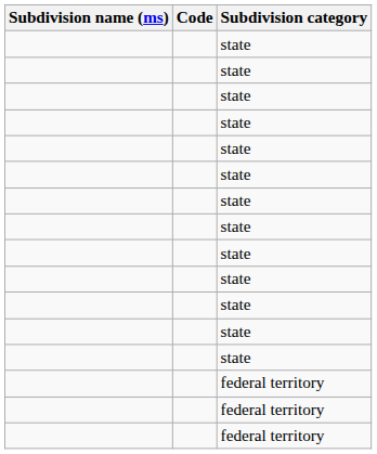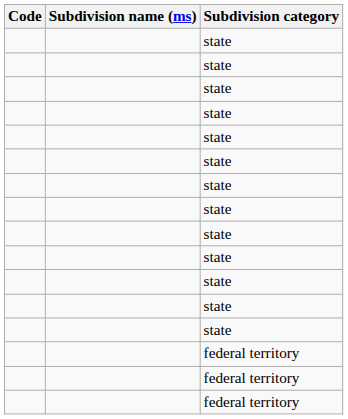 <table class="wikitable sortable">
 <tr>
+<th>Code</th>
 <th>Subdivision name (<a href='#'>ms</a>)</th>
-<th>Code</th>
 <th>Subdivision category</th>
 </tr>
 <tr>
 <td></td>
 <td></td>
 <td>state</td>
 </tr>
 <tr>
 <td></td>
 <td></td>
 <td>state</td>
 </tr>
 <tr>
 <td></td>
 <td></td>
 <td>state</td>
 </tr>
 <tr>
 <td></td>
 <td></td>
 <td>state</td>
 </tr>
 <tr>
 <td></td>
 <td></td>
 <td>state</td>
 </tr>
 <tr>
 <td></td>
 <td></td>
 <td>state</td>
 </tr>
 <tr>
 <td></td>
 <td></td>
 <td>state</td>
 </tr>
 <tr>
 <td></td>
 <td></td>
 <td>state</td>
 </tr>
 <tr>
 <td></td>
 <td></td>
 <td>state</td>
 </tr>
 <tr>
 <td></td>
 <td></td>
 <td>state</td>
 </tr>
 <tr>
 <td></td>
 <td></td>
 <td>state</td>
 </tr>
 <tr>
 <td></td>
 <td></td>
 <td>state</td>
 </tr>
 <tr>
 <td></td>
 <td></td>
 <td>state</td>
 </tr>
 <tr>
 <td></td>
 <td></td>
 <td>federal territory</td>
 </tr>
 <tr>
 <td></td>
 <td></td>
 <td>federal territory</td>
 </tr>
 <tr>
 <td></td>
 <td></td>
 <td>federal territory</td>
 </tr>
 </table>
